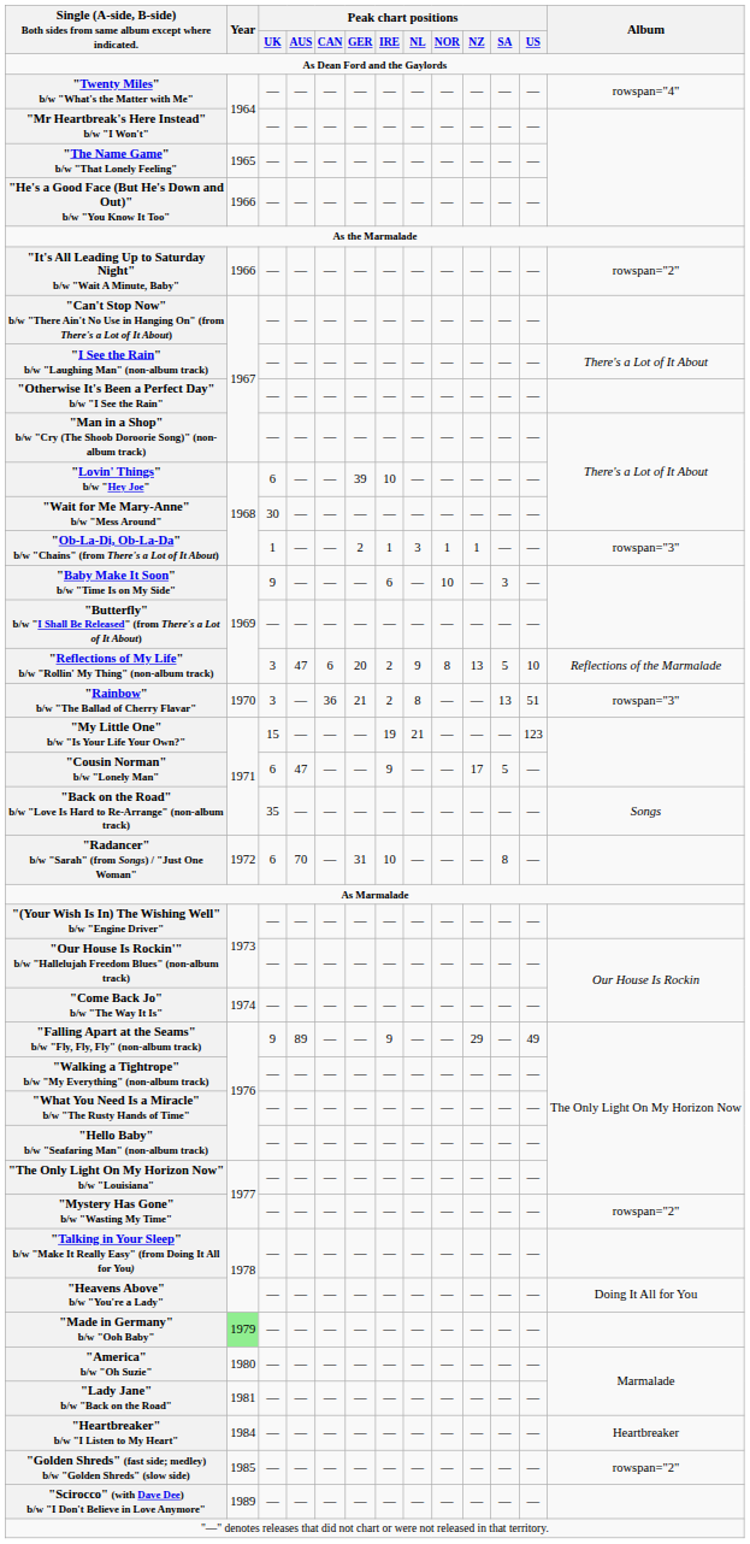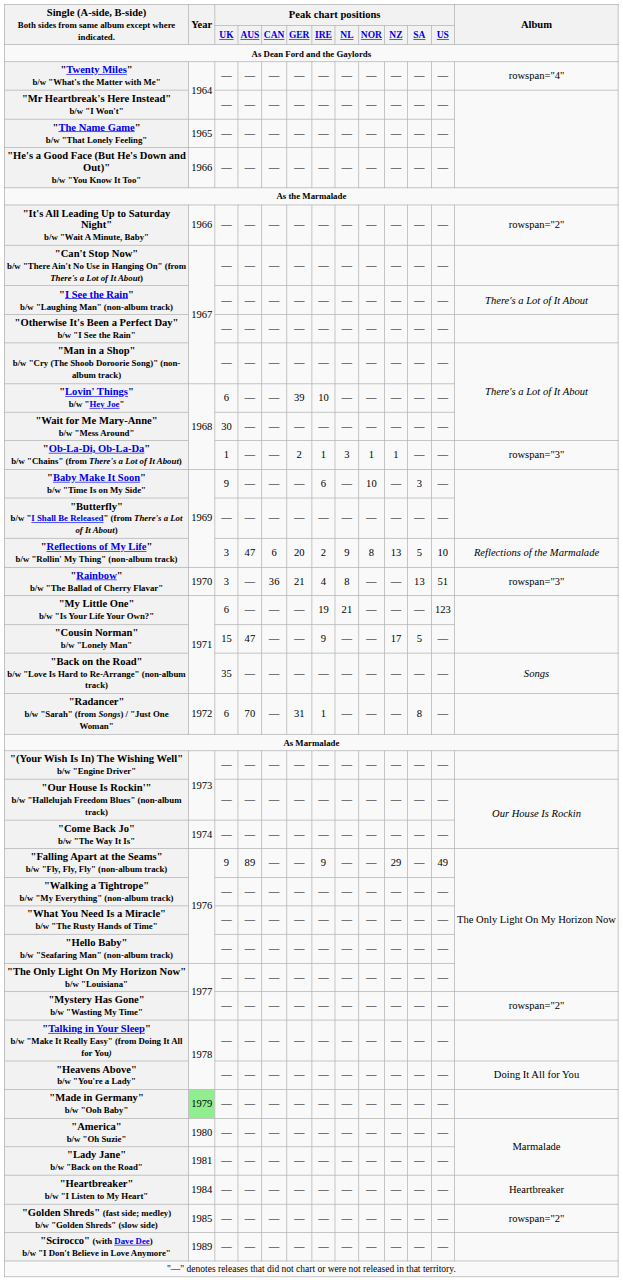 <table class="wikitable plainrowheaders" style="text-align:center;">
 <tr>
 <th rowspan="2" scope="col" style="width:17em;">Single (A-side, B-side)<br><small>Both sides from same album except where indicated.</small></th>
 <th rowspan="2" scope="col" style="width:2em;">Year</th>
 <th colspan="10">Peak chart positions</th>
 <th rowspan="2">Album</th>
 </tr>
 <tr>
 <th scope="col" style="width:2em;font-size:90%;"><a href='#'>UK</a><br></th>
 <th scope="col" style="width:2em;font-size:90%;"><a href='#'>AUS</a><br></th>
 <th scope="col" style="width:2em;font-size:90%;"><a href='#'>CAN</a><br></th>
 <th scope="col" style="width:2em;font-size:90%;"><a href='#'>GER</a><br></th>
 <th scope="col" style="width:2em;font-size:90%;"><a href='#'>IRE</a><br></th>
 <th scope="col" style="width:2em;font-size:90%;"><a href='#'>NL</a><br></th>
 <th scope="col" style="width:2em;font-size:90%;"><a href='#'>NOR</a><br></th>
 <th scope="col" style="width:2em;font-size:90%;"><a href='#'>NZ</a><br></th>
 <th scope="col" style="width:2em;font-size:90%;"><a href='#'>SA</a><br></th>
 <th scope="col" style="width:2em;font-size:90%;"><a href='#'>US</a><br></th>
 </tr>
 <tr>
 <td colspan="13" align="center"><small><strong>As Dean Ford and the Gaylords</strong></small></td>
 </tr>
 <tr>
 <th scope="row">"<a href='#'>Twenty Miles</a>"<br><small>b/w "What's the Matter with Me"</small></th>
 <td rowspan="2">1964</td>
 <td>—</td>
 <td>—</td>
 <td>—</td>
 <td>—</td>
 <td>—</td>
 <td>—</td>
 <td>—</td>
 <td>—</td>
 <td>—</td>
 <td>—</td>
 <td>rowspan="4" </td>
 </tr>
 <tr>
 <th scope="row">"Mr Heartbreak's Here Instead"<br><small>b/w "I Won't"</small></th>
 <td>—</td>
 <td>—</td>
 <td>—</td>
 <td>—</td>
 <td>—</td>
 <td>—</td>
 <td>—</td>
 <td>—</td>
 <td>—</td>
 <td>—</td>
 </tr>
 <tr>
 <th scope="row">"<a href='#'>The Name Game</a>"<br><small>b/w "That Lonely Feeling"</small></th>
 <td>1965</td>
 <td>—</td>
 <td>—</td>
 <td>—</td>
 <td>—</td>
 <td>—</td>
 <td>—</td>
 <td>—</td>
 <td>—</td>
 <td>—</td>
 <td>—</td>
 </tr>
 <tr>
 <th scope="row">"He's a Good Face (But He's Down and Out)"<br><small>b/w "You Know It Too"</small></th>
 <td>1966</td>
 <td>—</td>
 <td>—</td>
 <td>—</td>
 <td>—</td>
 <td>—</td>
 <td>—</td>
 <td>—</td>
 <td>—</td>
 <td>—</td>
 <td>—</td>
 </tr>
 <tr>
 <td colspan="13" align="center"><small><strong>As the Marmalade</strong></small></td>
 </tr>
 <tr>
 <th scope="row">"It's All Leading Up to Saturday Night"<br><small>b/w "Wait A Minute, Baby"</small></th>
 <td>1966</td>
 <td>—</td>
 <td>—</td>
 <td>—</td>
 <td>—</td>
 <td>—</td>
 <td>—</td>
 <td>—</td>
 <td>—</td>
 <td>—</td>
 <td>—</td>
 <td>rowspan="2" </td>
 </tr>
 <tr>
 <th scope="row">"Can't Stop Now"<br><small>b/w "There Ain't No Use in Hanging On" (from <em>There's a Lot of It About</em>)</small></th>
 <td rowspan="4">1967</td>
 <td>—</td>
 <td>—</td>
 <td>—</td>
 <td>—</td>
 <td>—</td>
 <td>—</td>
 <td>—</td>
 <td>—</td>
 <td>—</td>
 <td>—</td>
 </tr>
 <tr>
 <th scope="row">"<a href='#'>I See the Rain</a>"<br><small>b/w "Laughing Man" (non-album track)</small></th>
 <td>—</td>
 <td>—</td>
 <td>—</td>
 <td>—</td>
 <td>—</td>
 <td>—</td>
 <td>—</td>
 <td>—</td>
 <td>—</td>
 <td>—</td>
 <td><em>There's a Lot of It About</em></td>
 </tr>
 <tr>
 <th scope="row">"Otherwise It's Been a Perfect Day" <br><small>b/w "I See the Rain"</small></th>
 <td>—</td>
 <td>—</td>
 <td>—</td>
 <td>—</td>
 <td>—</td>
 <td>—</td>
 <td>—</td>
 <td>—</td>
 <td>—</td>
 <td>—</td>
 <td></td>
 </tr>
 <tr>
 <th scope="row">"Man in a Shop"<br><small>b/w "Cry (The Shoob Doroorie Song)" (non-album track)</small></th>
 <td>—</td>
 <td>—</td>
 <td>—</td>
 <td>—</td>
 <td>—</td>
 <td>—</td>
 <td>—</td>
 <td>—</td>
 <td>—</td>
 <td>—</td>
 <td rowspan="3"><em>There's a Lot of It About</em></td>
 </tr>
 <tr>
 <th scope="row">"<a href='#'>Lovin' Things</a>"<br><small>b/w "<a href='#'>Hey Joe</a>"</small></th>
 <td rowspan="3">1968</td>
 <td>6</td>
 <td>—</td>
 <td>—</td>
 <td>39</td>
 <td>10</td>
 <td>—</td>
 <td>—</td>
 <td>—</td>
 <td>—</td>
 <td>—</td>
 </tr>
 <tr>
 <th scope="row">"Wait for Me Mary-Anne"<br><small>b/w "Mess Around"</small></th>
 <td>30</td>
 <td>—</td>
 <td>—</td>
 <td>—</td>
 <td>—</td>
 <td>—</td>
 <td>—</td>
 <td>—</td>
 <td>—</td>
 <td>—</td>
 </tr>
 <tr>
 <th scope="row">"<a href='#'>Ob-La-Di, Ob-La-Da</a>"<br><small>b/w "Chains" (from <em>There's a Lot of It About</em>)</small></th>
 <td>1</td>
 <td>—</td>
 <td>—</td>
 <td>2</td>
 <td>1</td>
 <td>3</td>
 <td>1</td>
 <td>1</td>
 <td>—</td>
 <td>—</td>
 <td>rowspan="3" </td>
 </tr>
 <tr>
 <th scope="row">"<a href='#'>Baby Make It Soon</a>"<br><small>b/w "Time Is on My Side"</small></th>
 <td rowspan="3">1969</td>
 <td>9</td>
 <td>—</td>
 <td>—</td>
 <td>—</td>
 <td>6</td>
 <td>—</td>
 <td>10</td>
 <td>—</td>
 <td>3</td>
 <td>—</td>
 </tr>
 <tr>
 <th scope="row">"Butterfly"<br><small>b/w "<a href='#'>I Shall Be Released</a>" (from <em>There's a Lot of It About</em>)</small></th>
 <td>—</td>
 <td>—</td>
 <td>—</td>
 <td>—</td>
 <td>—</td>
 <td>—</td>
 <td>—</td>
 <td>—</td>
 <td>—</td>
 <td>—</td>
 </tr>
 <tr>
 <th scope="row">"<a href='#'>Reflections of My Life</a>"<br><small>b/w "Rollin' My Thing" (non-album track)</small></th>
 <td>3</td>
 <td>47</td>
 <td>6</td>
 <td>20</td>
 <td>2</td>
 <td>9</td>
 <td>8</td>
 <td>13</td>
 <td>5</td>
 <td>10</td>
 <td><em>Reflections of the Marmalade</em></td>
 </tr>
 <tr>
 <th scope="row">"<a href='#'>Rainbow</a>"<br><small>b/w "The Ballad of Cherry Flavar"</small></th>
 <td>1970</td>
 <td>3</td>
 <td>—</td>
 <td>36</td>
 <td>21</td>
-<td>2</td>
+<td>4</td>
 <td>8</td>
 <td>—</td>
 <td>—</td>
 <td>13</td>
 <td>51</td>
 <td>rowspan="3" </td>
 </tr>
 <tr>
 <th scope="row">"My Little One"<br><small>b/w "Is Your Life Your Own?"</small></th>
 <td rowspan="3">1971</td>
-<td>15</td>
+<td>6</td>
 <td>—</td>
 <td>—</td>
 <td>—</td>
 <td>19</td>
 <td>21</td>
 <td>—</td>
 <td>—</td>
 <td>—</td>
 <td>123</td>
 </tr>
 <tr>
 <th scope="row">"Cousin Norman"<br><small>b/w "Lonely Man"</small></th>
-<td>6</td>
+<td>15</td>
 <td>47</td>
 <td>—</td>
 <td>—</td>
 <td>9</td>
 <td>—</td>
 <td>—</td>
 <td>17</td>
 <td>5</td>
 <td>—</td>
 </tr>
 <tr>
 <th scope="row">"Back on the Road"<br><small>b/w "Love Is Hard to Re-Arrange" (non-album track)</small></th>
 <td>35</td>
 <td>—</td>
 <td>—</td>
 <td>—</td>
 <td>—</td>
 <td>—</td>
 <td>—</td>
 <td>—</td>
 <td>—</td>
 <td>—</td>
 <td><em>Songs</em></td>
 </tr>
 <tr>
 <th scope="row">"Radancer"<br><small>b/w "Sarah" (from <em>Songs</em>) / "Just One Woman"</small></th>
 <td>1972</td>
 <td>6</td>
 <td>70</td>
 <td>—</td>
 <td>31</td>
-<td>10</td>
+<td>1</td>
 <td>—</td>
 <td>—</td>
 <td>—</td>
 <td>8</td>
 <td>—</td>
 <td></td>
 </tr>
 <tr>
 <td colspan="13" align="center"><small><strong>As Marmalade</strong></small></td>
 </tr>
 <tr>
 <th scope="row">"(Your Wish Is In) The Wishing Well"<br><small>b/w "Engine Driver"</small></th>
 <td rowspan="2">1973</td>
 <td>—</td>
 <td>—</td>
 <td>—</td>
 <td>—</td>
 <td>—</td>
 <td>—</td>
 <td>—</td>
 <td>—</td>
 <td>—</td>
 <td>—</td>
 <td></td>
 </tr>
 <tr>
 <th scope="row">"Our House Is Rockin'"<br><small>b/w "Hallelujah Freedom Blues" (non-album track)</small></th>
 <td>—</td>
 <td>—</td>
 <td>—</td>
 <td>—</td>
 <td>—</td>
 <td>—</td>
 <td>—</td>
 <td>—</td>
 <td>—</td>
 <td>—</td>
 <td rowspan="2"><em>Our House Is Rockin<strong></td>
 </tr>
 <tr>
 <th scope="row">"Come Back Jo"<br><small>b/w "The Way It Is"</small></th>
 <td>1974</td>
 <td>—</td>
 <td>—</td>
 <td>—</td>
 <td>—</td>
 <td>—</td>
 <td>—</td>
 <td>—</td>
 <td>—</td>
 <td>—</td>
 <td>—</td>
 </tr>
 <tr>
 <th scope="row">"Falling Apart at the Seams"<br><small>b/w "Fly, Fly, Fly" (non-album track)</small></th>
 <td rowspan="4">1976</td>
 <td>9</td>
 <td>89</td>
 <td>—</td>
 <td>—</td>
 <td>9</td>
 <td>—</td>
 <td>—</td>
 <td>29</td>
 <td>—</td>
 <td>49</td>
 <td rowspan="5"></em>The Only Light On My Horizon Now<em></td>
 </tr>
 <tr>
 <th scope="row">"Walking a Tightrope"<br><small>b/w "My Everything" (non-album track)</small></th>
 <td>—</td>
 <td>—</td>
 <td>—</td>
 <td>—</td>
 <td>—</td>
 <td>—</td>
 <td>—</td>
 <td>—</td>
 <td>—</td>
 <td>—</td>
 </tr>
 <tr>
 <th scope="row">"What You Need Is a Miracle"<br><small>b/w "The Rusty Hands of Time"</small></th>
 <td>—</td>
 <td>—</td>
 <td>—</td>
 <td>—</td>
 <td>—</td>
 <td>—</td>
 <td>—</td>
 <td>—</td>
 <td>—</td>
 <td>—</td>
 </tr>
 <tr>
 <th scope="row">"Hello Baby"<br><small>b/w "Seafaring Man" (non-album track)</small></th>
 <td>—</td>
 <td>—</td>
 <td>—</td>
 <td>—</td>
 <td>—</td>
 <td>—</td>
 <td>—</td>
 <td>—</td>
 <td>—</td>
 <td>—</td>
 </tr>
 <tr>
 <th scope="row">"The Only Light On My Horizon Now"<br><small>b/w "Louisiana"</small></th>
 <td rowspan="2">1977</td>
 <td>—</td>
 <td>—</td>
 <td>—</td>
 <td>—</td>
 <td>—</td>
 <td>—</td>
 <td>—</td>
 <td>—</td>
 <td>—</td>
 <td>—</td>
 </tr>
 <tr>
 <th scope="row">"Mystery Has Gone"<br><small>b/w "Wasting My Time"</small></th>
 <td>—</td>
 <td>—</td>
 <td>—</td>
 <td>—</td>
 <td>—</td>
 <td>—</td>
 <td>—</td>
 <td>—</td>
 <td>—</td>
 <td>—</td>
 <td>rowspan="2" </td>
 </tr>
 <tr>
 <th scope="row">"<a href='#'>Talking in Your Sleep</a>"<br><small>b/w "Make It Really Easy" (from </em>Doing It All for You<em>)</small></th>
 <td rowspan="2">1978</td>
 <td>—</td>
 <td>—</td>
 <td>—</td>
 <td>—</td>
 <td>—</td>
 <td>—</td>
 <td>—</td>
 <td>—</td>
 <td>—</td>
 <td>—</td>
 </tr>
 <tr>
 <th scope="row">"Heavens Above"<br><small>b/w "You're a Lady"</small></th>
 <td>—</td>
 <td>—</td>
 <td>—</td>
 <td>—</td>
 <td>—</td>
 <td>—</td>
 <td>—</td>
 <td>—</td>
 <td>—</td>
 <td>—</td>
 <td></em>Doing It All for You<em></td>
 </tr>
 <tr>
 <th scope="row">"Made in Germany"<br><small>b/w "Ooh Baby"</small></th>
 <td style="background: lightgreen;">1979</td>
 <td>—</td>
 <td>—</td>
 <td>—</td>
 <td>—</td>
 <td>—</td>
 <td>—</td>
 <td>—</td>
 <td>—</td>
 <td>—</td>
 <td>—</td>
 <td></td>
 </tr>
 <tr>
 <th scope="row">"America" <br><small>b/w "Oh Suzie"</small></th>
 <td>1980</td>
 <td>—</td>
 <td>—</td>
 <td>—</td>
 <td>—</td>
 <td>—</td>
 <td>—</td>
 <td>—</td>
 <td>—</td>
 <td>—</td>
 <td>—</td>
 <td rowspan="2"></em>Marmalade<em></td>
 </tr>
 <tr>
 <th scope="row">"Lady Jane" <br><small>b/w "Back on the Road"</small></th>
 <td>1981</td>
 <td>—</td>
 <td>—</td>
 <td>—</td>
 <td>—</td>
 <td>—</td>
 <td>—</td>
 <td>—</td>
 <td>—</td>
 <td>—</td>
 <td>—</td>
 </tr>
 <tr>
 <th scope="row">"Heartbreaker"<br><small>b/w "I Listen to My Heart"</small></th>
 <td>1984</td>
 <td>—</td>
 <td>—</td>
 <td>—</td>
 <td>—</td>
 <td>—</td>
 <td>—</td>
 <td>—</td>
 <td>—</td>
 <td>—</td>
 <td>—</td>
 <td></em>Heartbreaker<em></td>
 </tr>
 <tr>
 <th scope="row">"Golden Shreds" <small>(fast side; medley)</small><br><small>b/w "Golden Shreds" (slow side)</small></th>
 <td>1985</td>
 <td>—</td>
 <td>—</td>
 <td>—</td>
 <td>—</td>
 <td>—</td>
 <td>—</td>
 <td>—</td>
 <td>—</td>
 <td>—</td>
 <td>—</td>
 <td>rowspan="2" </td>
 </tr>
 <tr>
 <th scope="row">"Scirocco" <small>(with <a href='#'>Dave Dee</a>)</small> <br><small>b/w "I Don't Believe in Love Anymore"</small></th>
 <td>1989</td>
 <td>—</td>
 <td>—</td>
 <td>—</td>
 <td>—</td>
 <td>—</td>
 <td>—</td>
 <td>—</td>
 <td>—</td>
 <td>—</td>
 <td>—</td>
 </tr>
 <tr>
 <td colspan="13" style="font-size:90%">"—" denotes releases that did not chart or were not released in that territory.</td>
 </tr>
 </table>
